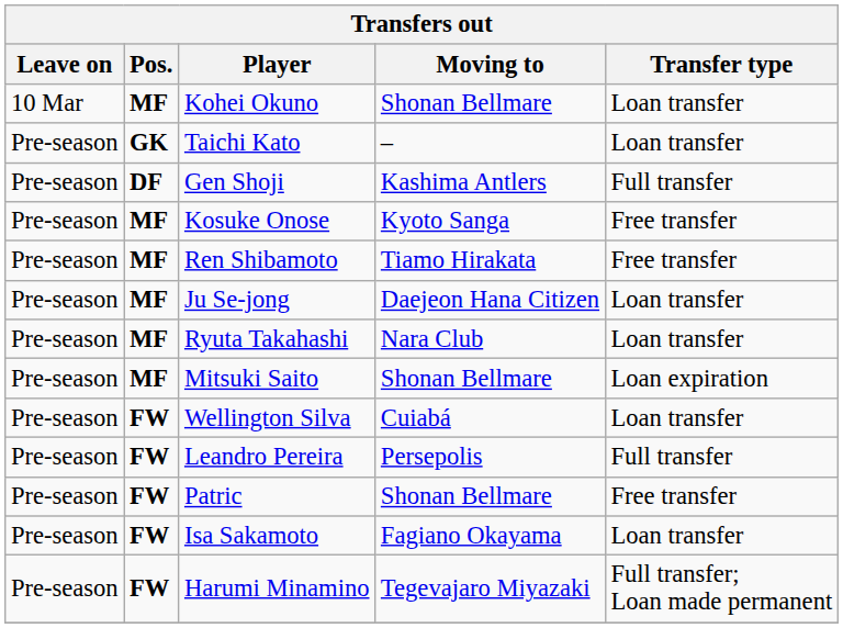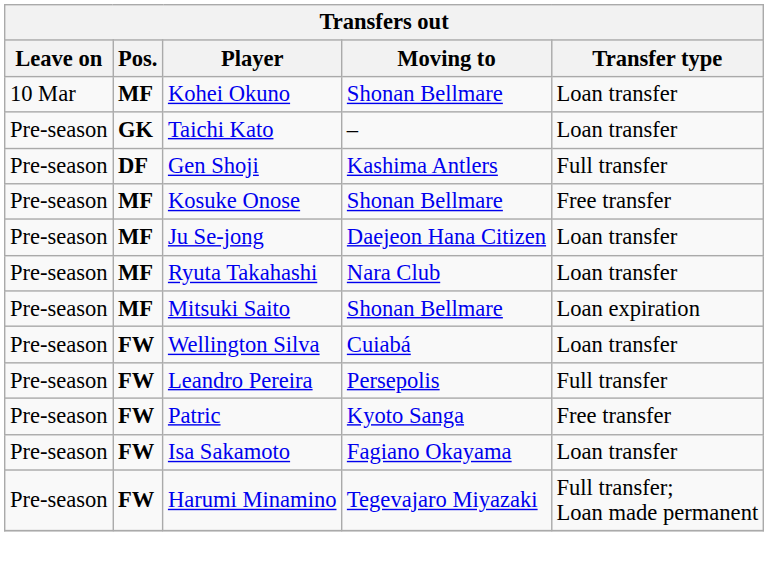 <table class="wikitable sortable" style=“text-align:left;>
 <tr>
 <th colspan="5">Transfers out</th>
 </tr>
 <tr>
 <th>Leave on</th>
 <th>Pos.</th>
 <th>Player</th>
 <th>Moving to</th>
 <th>Transfer type</th>
 </tr>
 <tr>
 <td>10 Mar</td>
 <td><strong>MF</strong></td>
 <td> <a href='#'>Kohei Okuno</a></td>
 <td> <a href='#'>Shonan Bellmare</a></td>
 <td>Loan transfer</td>
 </tr>
 <tr>
 <td>Pre-season</td>
 <td><strong>GK</strong></td>
 <td> <a href='#'>Taichi Kato</a></td>
 <td>–</td>
 <td>Loan transfer</td>
 </tr>
 <tr>
 <td>Pre-season</td>
 <td><strong>DF</strong></td>
 <td> <a href='#'>Gen Shoji</a></td>
 <td> <a href='#'>Kashima Antlers</a></td>
 <td>Full transfer</td>
 </tr>
 <tr>
 <td>Pre-season</td>
 <td><strong>MF</strong></td>
 <td> <a href='#'>Kosuke Onose</a></td>
-<td> <a href='#'>Kyoto Sanga</a></td>
-<td>Free transfer</td>
-</tr>
-<tr>
-<td>Pre-season</td>
-<td><strong>MF</strong></td>
-<td> <a href='#'>Ren Shibamoto</a></td>
-<td> <a href='#'>Tiamo Hirakata</a></td>
+<td> <a href='#'>Shonan Bellmare</a></td>
 <td>Free transfer</td>
 </tr>
 <tr>
 <td>Pre-season</td>
 <td><strong>MF</strong></td>
 <td> <a href='#'>Ju Se-jong</a></td>
 <td> <a href='#'>Daejeon Hana Citizen</a></td>
 <td>Loan transfer</td>
 </tr>
 <tr>
 <td>Pre-season</td>
 <td><strong>MF</strong></td>
 <td> <a href='#'>Ryuta Takahashi</a></td>
 <td> <a href='#'>Nara Club</a></td>
 <td>Loan transfer</td>
 </tr>
 <tr>
 <td>Pre-season</td>
 <td><strong>MF</strong></td>
 <td> <a href='#'>Mitsuki Saito</a></td>
 <td> <a href='#'>Shonan Bellmare</a></td>
 <td>Loan expiration</td>
 </tr>
 <tr>
 <td>Pre-season</td>
 <td><strong>FW</strong></td>
 <td> <a href='#'>Wellington Silva</a></td>
 <td> <a href='#'>Cuiabá</a></td>
 <td>Loan transfer</td>
 </tr>
 <tr>
 <td>Pre-season</td>
 <td><strong>FW</strong></td>
 <td> <a href='#'>Leandro Pereira</a></td>
 <td> <a href='#'>Persepolis</a></td>
 <td>Full transfer</td>
 </tr>
 <tr>
 <td>Pre-season</td>
 <td><strong>FW</strong></td>
 <td> <a href='#'>Patric</a></td>
-<td> <a href='#'>Shonan Bellmare</a></td>
+<td> <a href='#'>Kyoto Sanga</a></td>
 <td>Free transfer</td>
 </tr>
 <tr>
 <td>Pre-season</td>
 <td><strong>FW</strong></td>
 <td> <a href='#'>Isa Sakamoto</a></td>
 <td> <a href='#'>Fagiano Okayama</a></td>
 <td>Loan transfer</td>
 </tr>
 <tr>
 <td>Pre-season</td>
 <td><strong>FW</strong></td>
 <td> <a href='#'>Harumi Minamino</a></td>
 <td> <a href='#'>Tegevajaro Miyazaki</a></td>
 <td>Full transfer;<br> Loan made permanent</td>
 </tr>
 <tr>
 </tr>
 </table>
